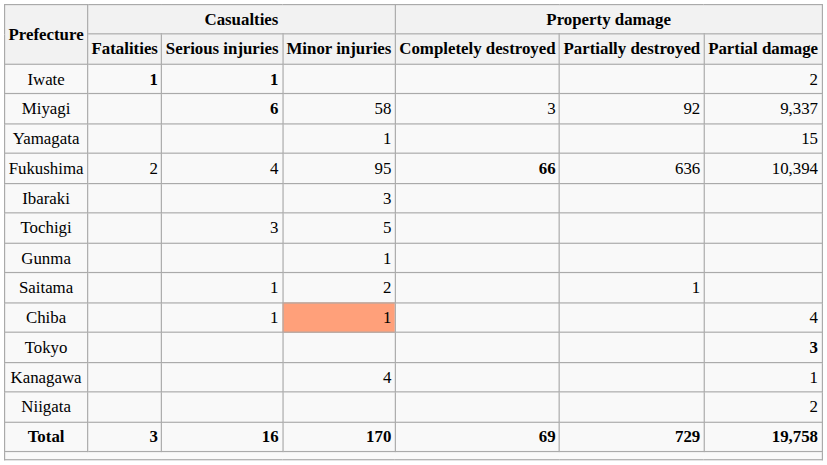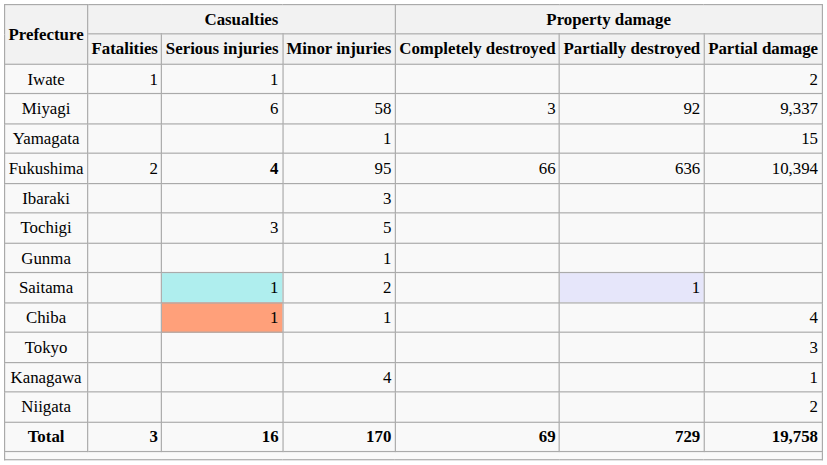 <table class="wikitable" style="font-size:90%; line-height:1.3em; text-align:right">
 <tr>
 <th rowspan="2">Prefecture</th>
 <th colspan="3">Casualties</th>
 <th colspan="3">Property damage</th>
 </tr>
 <tr>
 <th>Fatalities</th>
 <th>Serious injuries</th>
 <th>Minor injuries</th>
 <th>Completely destroyed</th>
 <th>Partially destroyed</th>
 <th>Partial damage</th>
 </tr>
 <tr>
 <td style="text-align:center">Iwate</td>
-<td><strong>1</strong></td>
-<td><strong>1</strong></td>
+<td>1</td>
+<td>1</td>
 <td></td>
 <td></td>
 <td></td>
 <td>2</td>
 </tr>
 <tr>
 <td style="text-align:center">Miyagi</td>
 <td></td>
-<td><strong>6</strong></td>
+<td>6</td>
 <td>58</td>
 <td>3</td>
 <td>92</td>
 <td>9,337</td>
 </tr>
 <tr>
 <td style="text-align:center">Yamagata</td>
 <td></td>
 <td></td>
 <td>1</td>
 <td></td>
 <td></td>
 <td>15</td>
 </tr>
 <tr>
 <td style="text-align:center">Fukushima</td>
 <td>2</td>
-<td>4</td>
+<td><strong>4</strong></td>
 <td>95</td>
-<td><strong>66</strong></td>
+<td>66</td>
 <td>636</td>
 <td>10,394</td>
 </tr>
 <tr>
 <td style="text-align:center">Ibaraki</td>
 <td></td>
 <td></td>
 <td>3</td>
 <td></td>
 <td></td>
 <td></td>
 </tr>
 <tr>
 <td style="text-align:center">Tochigi</td>
 <td></td>
 <td>3</td>
 <td>5</td>
 <td></td>
 <td></td>
 <td></td>
 </tr>
 <tr>
 <td style="text-align:center">Gunma</td>
 <td></td>
 <td></td>
 <td>1</td>
 <td></td>
 <td></td>
 <td></td>
 </tr>
 <tr>
 <td style="text-align:center">Saitama</td>
 <td></td>
-<td>1</td>
+<td style="background: paleturquoise;">1</td>
 <td>2</td>
 <td></td>
-<td>1</td>
+<td style="background: lavender;">1</td>
 <td></td>
 </tr>
 <tr>
 <td style="text-align:center">Chiba</td>
 <td></td>
+<td style="background: lightsalmon;">1</td>
 <td>1</td>
-<td style="background: lightsalmon;">1</td>
 <td></td>
 <td></td>
 <td>4</td>
 </tr>
 <tr>
 <td style="text-align:center">Tokyo</td>
 <td></td>
 <td></td>
 <td></td>
 <td></td>
 <td></td>
-<td><strong>3</strong></td>
+<td>3</td>
 </tr>
 <tr>
 <td style="text-align:center">Kanagawa</td>
 <td></td>
 <td></td>
 <td>4</td>
 <td></td>
 <td></td>
 <td>1</td>
 </tr>
 <tr>
 <td style="text-align:center">Niigata</td>
 <td></td>
 <td></td>
 <td></td>
 <td></td>
 <td></td>
 <td>2</td>
 </tr>
 <tr>
 <td style="text-align:center"><strong>Total</strong></td>
 <td><strong>3</strong></td>
 <td><strong>16</strong></td>
 <td><strong>170</strong></td>
 <td><strong>69</strong></td>
 <td><strong>729</strong></td>
 <td><strong>19,758</strong></td>
 </tr>
 <tr>
 <td colspan="9" style="text-align:left"></td>
 </tr>
 </table>
